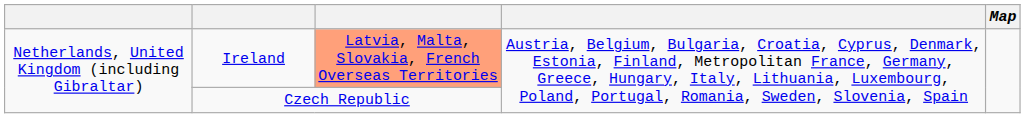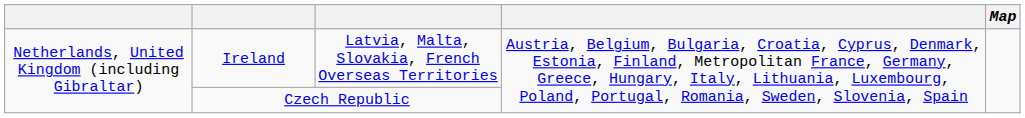 <table class="wikitable" style="text-align:center; width:100%;">
 <tr align=center>
 <th></th>
 <th style="width:100px;"></th>
 <th></th>
 <th></th>
 <th><em>Map</em></th>
 </tr>
 <tr align=center>
 <td rowspan=2><a href='#'>Netherlands</a>, <a href='#'>United Kingdom</a> (including <a href='#'>Gibraltar</a>)</td>
 <td rowspan=1><a href='#'>Ireland</a></td>
-<td rowspan=1 style="background: lightsalmon;"><a href='#'>Latvia</a>, <a href='#'>Malta</a>, <a href='#'>Slovakia</a>, <a href='#'>French Overseas Territories</a></td>
+<td rowspan=1><a href='#'>Latvia</a>, <a href='#'>Malta</a>, <a href='#'>Slovakia</a>, <a href='#'>French Overseas Territories</a></td>
 <td rowspan=2><a href='#'>Austria</a>, <a href='#'>Belgium</a>, <a href='#'>Bulgaria</a>, <a href='#'>Croatia</a>, <a href='#'>Cyprus</a>, <a href='#'>Denmark</a>, <a href='#'>Estonia</a>, <a href='#'>Finland</a>, Metropolitan <a href='#'>France</a>, <a href='#'>Germany</a>, <a href='#'>Greece</a>, <a href='#'>Hungary</a>, <a href='#'>Italy</a>, <a href='#'>Lithuania</a>, <a href='#'>Luxembourg</a>, <a href='#'>Poland</a>, <a href='#'>Portugal</a>, <a href='#'>Romania</a>, <a href='#'>Sweden</a>, <a href='#'>Slovenia</a>, <a href='#'>Spain</a></td>
 <td rowspan=2></td>
 </tr>
 <tr align=center>
 <td colspan=2><a href='#'>Czech Republic</a></td>
 </tr>
 </table>
